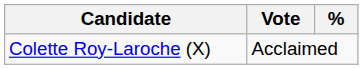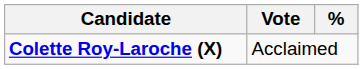 <table class="wikitable">
 <tr>
 <th bgcolor="#DDDDFF" width="200px">Candidate</th>
 <th bgcolor="#DDDDFF" width="50px">Vote</th>
 <th bgcolor="#DDDDFF" width="30px">%</th>
 </tr>
 <tr>
-<td><a href='#'>Colette Roy-Laroche</a> (X)</td>
+<td><strong><a href='#'>Colette Roy-Laroche</a> (X)</strong></td>
 <td colspan="2">Acclaimed</td>
 </tr>
 </table>
